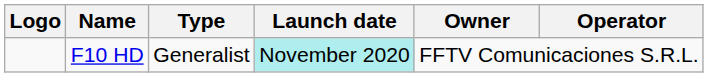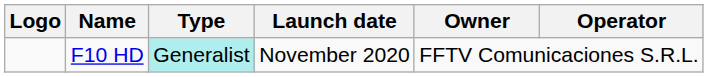 <table class="wikitable">
 <tr>
 <th>Logo</th>
 <th>Name</th>
 <th>Type</th>
 <th>Launch date</th>
 <th>Owner</th>
 <th>Operator</th>
 </tr>
 <tr>
 <td></td>
 <td><a href='#'>F10 HD</a></td>
-<td>Generalist</td>
-<td style="background: paleturquoise;">November 2020</td>
+<td style="background: paleturquoise;">Generalist</td>
+<td>November 2020</td>
 <td colspan="2">FFTV Comunicaciones S.R.L.</td>
 </tr>
 </table>
